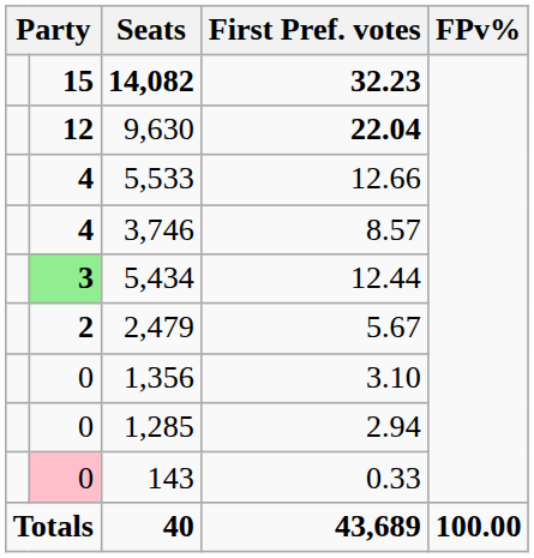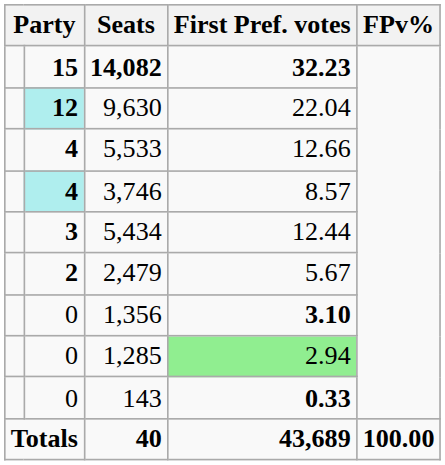 <table class=wikitable>
 <tr>
 <th colspan=2 align=center>Party</th>
 <th valign=top>Seats</th>
 <th valign=top>First Pref. votes</th>
 <th valign=top>FPv%</th>
 </tr>
 <tr>
 <td></td>
 <td align=right><strong>15</strong></td>
 <td align=right><strong>14,082</strong></td>
 <td align=right><strong>32.23</strong></td>
 </tr>
 <tr>
 <td></td>
-<td align=right><strong>12</strong></td>
+<td align=right style="background: paleturquoise;"><strong>12</strong></td>
 <td align=right>9,630</td>
-<td align=right><strong>22.04</strong></td>
+<td align=right>22.04</td>
 </tr>
 <tr>
 <td></td>
 <td align=right><strong>4</strong></td>
 <td align=right>5,533</td>
 <td align=right>12.66</td>
 </tr>
 <tr>
 <td></td>
-<td align=right><strong>4</strong></td>
+<td align=right style="background: paleturquoise;"><strong>4</strong></td>
 <td align=right>3,746</td>
 <td align=right>8.57</td>
 </tr>
 <tr>
 <td></td>
-<td align=right style="background: lightgreen;"><strong>3</strong></td>
+<td align=right><strong>3</strong></td>
 <td align=right>5,434</td>
 <td align=right>12.44</td>
 </tr>
 <tr>
 <td></td>
 <td align=right><strong>2</strong></td>
 <td align=right>2,479</td>
 <td align=right>5.67</td>
 </tr>
 <tr>
 <td></td>
 <td align=right>0</td>
 <td align=right>1,356</td>
-<td align=right>3.10</td>
+<td align=right><strong>3.10</strong></td>
 </tr>
 <tr>
 <td></td>
 <td align=right>0</td>
 <td align=right>1,285</td>
-<td align=right>2.94</td>
+<td align=right style="background: lightgreen;">2.94</td>
 </tr>
 <tr>
 <td></td>
-<td align=right style="background: pink;">0</td>
+<td align=right>0</td>
 <td align=right>143</td>
-<td align=right>0.33</td>
+<td align=right><strong>0.33</strong></td>
 </tr>
 <tr>
 <td colspan=2 align=center><strong>Totals</strong></td>
 <td align=right><strong>40</strong></td>
 <td align=right><strong>43,689</strong></td>
 <td align=center><strong>100.00</strong></td>
 </tr>
 </table>
